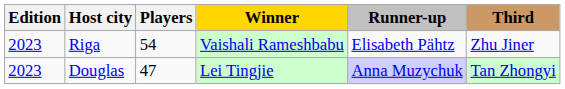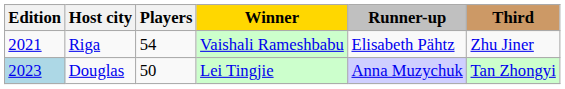 <table class="wikitable">
 <tr>
 <th>Edition</th>
 <th>Host city</th>
 <th>Players</th>
 <th style="background:#ffd700">Winner</th>
 <th style="background:#c0c0c0">Runner-up</th>
 <th style="background:#cc9966">Third</th>
 </tr>
 <tr>
-<td><a href='#'>2023</a></td>
+<td><a href='#'>2021</a></td>
 <td> <a href='#'>Riga</a></td>
 <td>54</td>
 <td style="background:#ccffcc;"> <a href='#'>Vaishali Rameshbabu</a></td>
 <td> <a href='#'>Elisabeth Pähtz</a></td>
 <td> <a href='#'>Zhu Jiner</a></td>
 </tr>
 <tr>
-<td><a href='#'>2023</a></td>
+<td style="background: lightblue;"><a href='#'>2023</a></td>
 <td> <a href='#'>Douglas</a></td>
-<td>47</td>
+<td>50</td>
 <td style="background:#ccffcc;"> <a href='#'>Lei Tingjie</a></td>
 <td style="background:#cfcfff;"> <a href='#'>Anna Muzychuk</a></td>
 <td style="background:#ccffcc;"> <a href='#'>Tan Zhongyi</a></td>
 </tr>
 </table>
